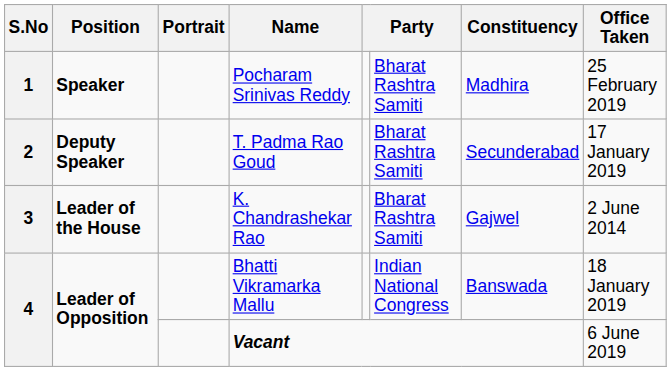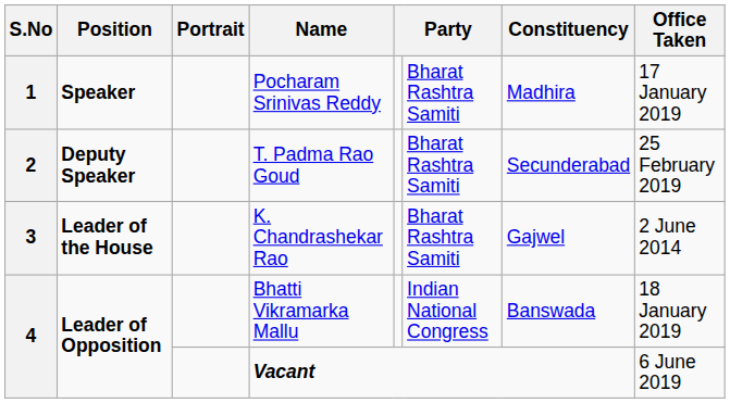 <table class="wikitable sortable">
 <tr>
 <th>S.No</th>
 <th>Position</th>
 <th>Portrait</th>
 <th>Name</th>
 <th colspan="2">Party</th>
 <th>Constituency</th>
 <th>Office Taken</th>
 </tr>
 <tr>
 <th>1</th>
 <td><strong>Speaker</strong></td>
 <td></td>
 <td><a href='#'>Pocharam Srinivas Reddy</a></td>
 <td style="background:"></td>
 <td><a href='#'>Bharat Rashtra Samiti</a></td>
 <td><a href='#'>Madhira</a></td>
-<td>25 February 2019</td>
+<td>17 January 2019</td>
 </tr>
 <tr>
 <th>2</th>
 <td><strong>Deputy Speaker</strong></td>
 <td></td>
 <td><a href='#'>T. Padma Rao Goud</a></td>
 <td style="background:"></td>
 <td><a href='#'>Bharat Rashtra Samiti</a></td>
 <td><a href='#'>Secunderabad</a></td>
-<td>17 January 2019</td>
+<td>25 February 2019</td>
 </tr>
 <tr>
 <th>3</th>
 <td><strong>Leader of the House</strong></td>
 <td></td>
 <td><a href='#'>K. Chandrashekar Rao</a></td>
 <td style="background:"></td>
 <td><a href='#'>Bharat Rashtra Samiti</a></td>
 <td><a href='#'>Gajwel</a></td>
 <td>2 June 2014</td>
 </tr>
 <tr>
 <th rowspan="2">4</th>
 <td rowspan="2"><strong>Leader of Opposition</strong></td>
 <td></td>
 <td><a href='#'>Bhatti Vikramarka Mallu</a></td>
 <td style="background:"></td>
 <td><a href='#'>Indian National Congress</a></td>
 <td><a href='#'>Banswada</a></td>
 <td>18 January 2019</td>
 </tr>
 <tr>
 <td></td>
 <td colspan="4"><strong><em>Vacant</em></strong></td>
 <td>6 June 2019</td>
 </tr>
 </table>
